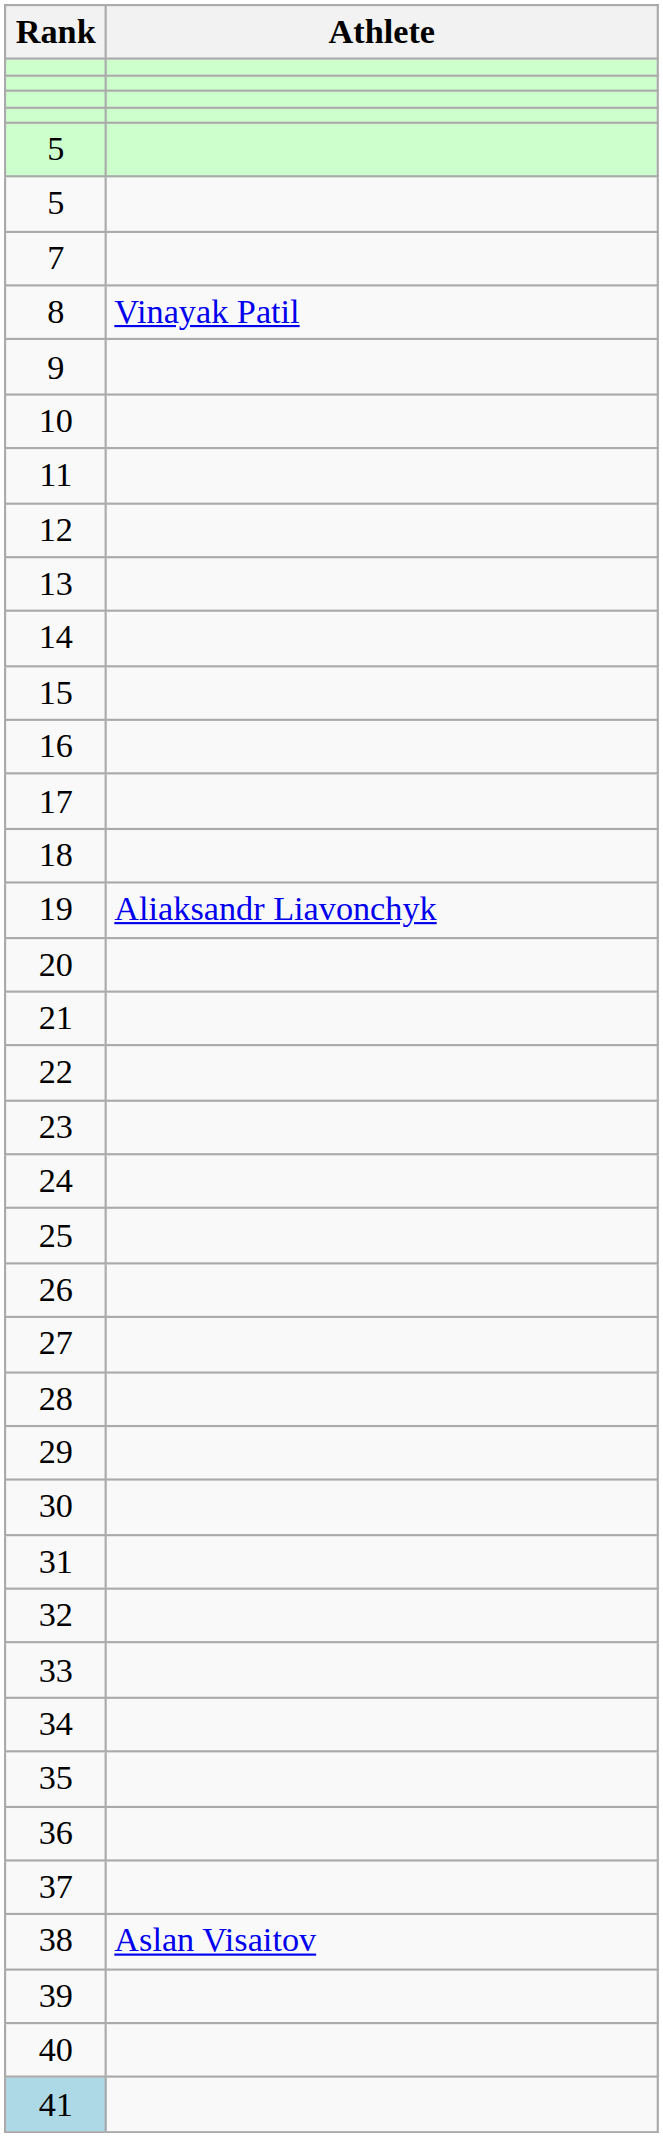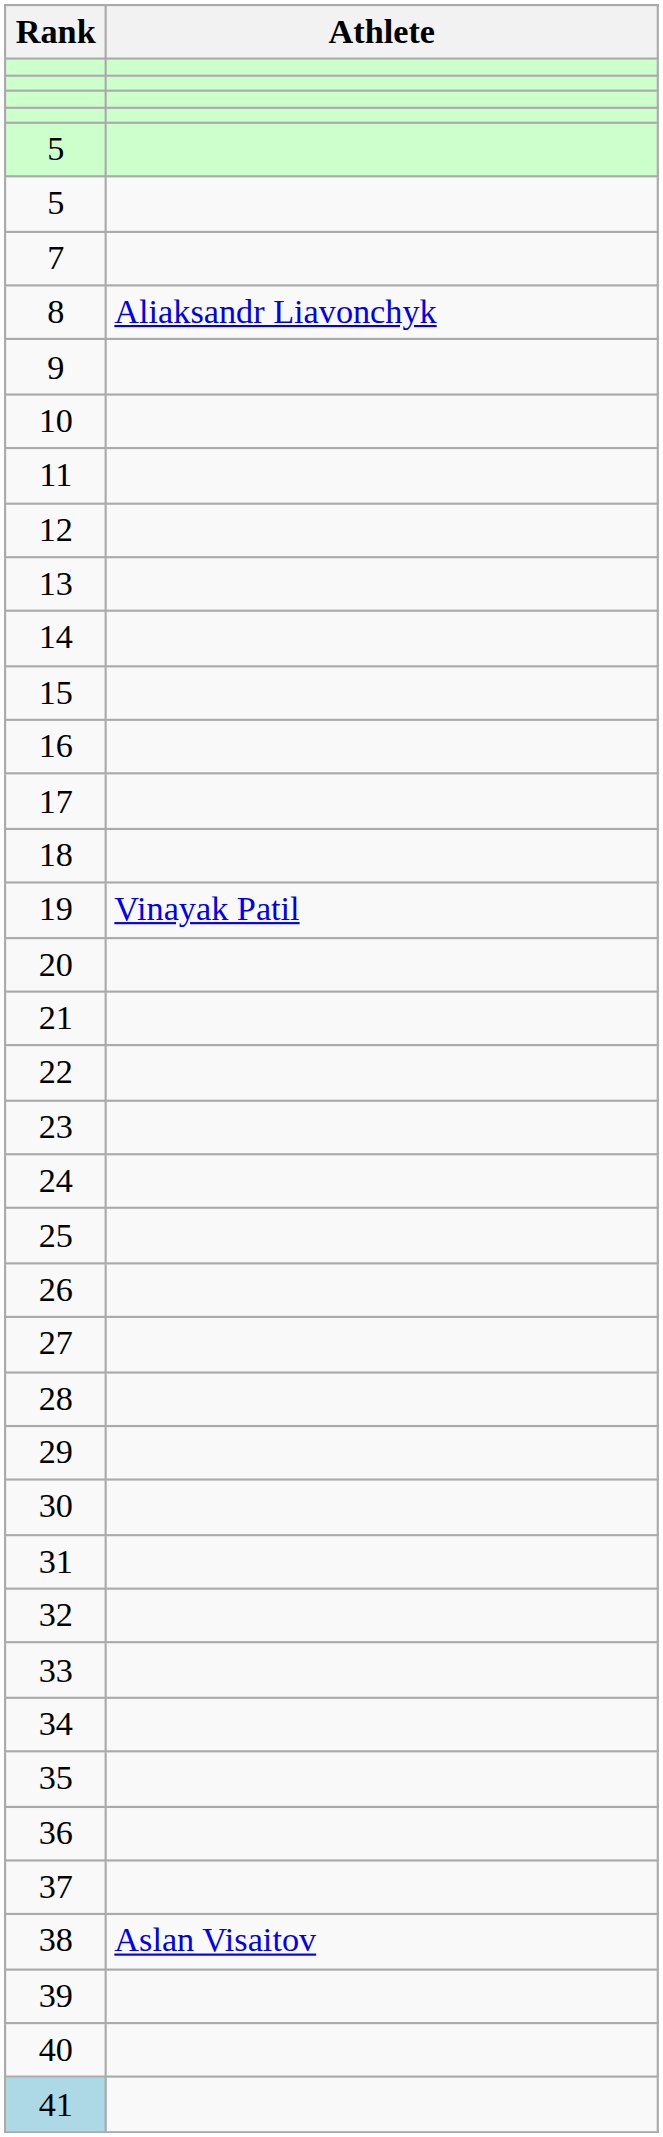 <table class="wikitable" style="text-align: center;">
 <tr>
 <th width=40>Rank</th>
 <th width=250>Athlete</th>
 </tr>
 <tr bgcolor=#ccffcc>
 <td></td>
 <td align="left"></td>
 </tr>
 <tr bgcolor=#ccffcc>
 <td></td>
 <td align="left"></td>
 </tr>
 <tr bgcolor=#ccffcc>
 <td></td>
 <td align="left"></td>
 </tr>
 <tr bgcolor=#ccffcc>
 <td></td>
 <td align="left"></td>
 </tr>
 <tr bgcolor=#ccffcc>
 <td>5</td>
 <td align="left"></td>
 </tr>
 <tr>
 <td>5</td>
 <td align="left"></td>
 </tr>
 <tr>
 <td>7</td>
 <td align="left"></td>
 </tr>
 <tr>
 <td>8</td>
-<td align="left"> <a href='#'>Vinayak Patil</a> </td>
+<td align="left"> <a href='#'>Aliaksandr Liavonchyk</a> </td>
 </tr>
 <tr>
 <td>9</td>
 <td align="left"></td>
 </tr>
 <tr>
 <td>10</td>
 <td align="left"></td>
 </tr>
 <tr>
 <td>11</td>
 <td align="left"></td>
 </tr>
 <tr>
 <td>12</td>
 <td align="left"></td>
 </tr>
 <tr>
 <td>13</td>
 <td align="left"></td>
 </tr>
 <tr>
 <td>14</td>
 <td align="left"></td>
 </tr>
 <tr>
 <td>15</td>
 <td align="left"></td>
 </tr>
 <tr>
 <td>16</td>
 <td align="left"></td>
 </tr>
 <tr>
 <td>17</td>
 <td align="left"></td>
 </tr>
 <tr>
 <td>18</td>
 <td align="left"></td>
 </tr>
 <tr>
 <td>19</td>
-<td align="left"> <a href='#'>Aliaksandr Liavonchyk</a> </td>
+<td align="left"> <a href='#'>Vinayak Patil</a> </td>
 </tr>
 <tr>
 <td>20</td>
 <td align="left"></td>
 </tr>
 <tr>
 <td>21</td>
 <td align="left"></td>
 </tr>
 <tr>
 <td>22</td>
 <td align="left"></td>
 </tr>
 <tr>
 <td>23</td>
 <td align="left"></td>
 </tr>
 <tr>
 <td>24</td>
 <td align="left"></td>
 </tr>
 <tr>
 <td>25</td>
 <td align="left"></td>
 </tr>
 <tr>
 <td>26</td>
 <td align="left"></td>
 </tr>
 <tr>
 <td>27</td>
 <td align="left"></td>
 </tr>
 <tr>
 <td>28</td>
 <td align="left"></td>
 </tr>
 <tr>
 <td>29</td>
 <td align="left"></td>
 </tr>
 <tr>
 <td>30</td>
 <td align="left"></td>
 </tr>
 <tr>
 <td>31</td>
 <td align="left"></td>
 </tr>
 <tr>
 <td>32</td>
 <td align="left"></td>
 </tr>
 <tr>
 <td>33</td>
 <td align="left"></td>
 </tr>
 <tr>
 <td>34</td>
 <td align="left"></td>
 </tr>
 <tr>
 <td>35</td>
 <td align="left"></td>
 </tr>
 <tr>
 <td>36</td>
 <td align="left"></td>
 </tr>
 <tr>
 <td>37</td>
 <td align="left"></td>
 </tr>
 <tr>
 <td>38</td>
 <td align="left"> <a href='#'>Aslan Visaitov</a> </td>
 </tr>
 <tr>
 <td>39</td>
 <td align="left"></td>
 </tr>
 <tr>
 <td>40</td>
 <td align="left"></td>
 </tr>
 <tr>
 <td style="background: lightblue;">41</td>
 <td align="left"></td>
 </tr>
 </table>
